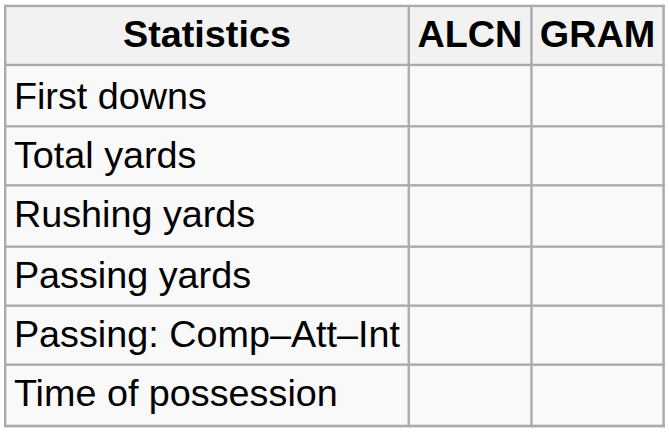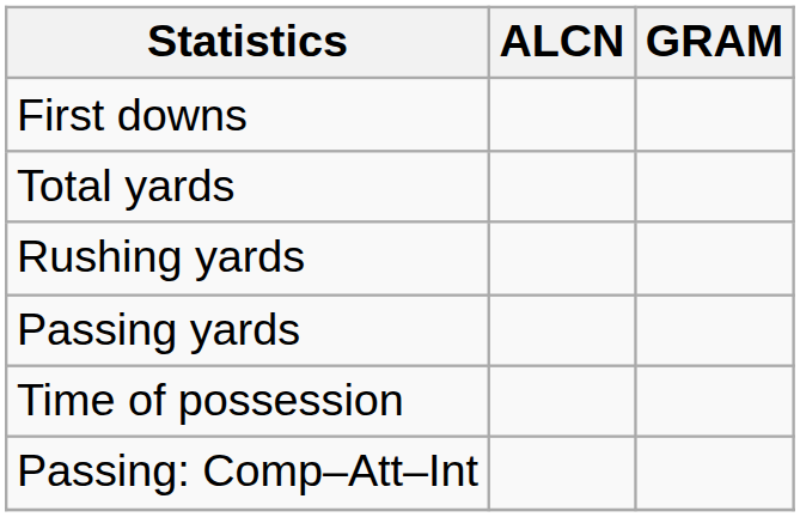 <table class="wikitable" style="float: left;">
 <tr>
 <th>Statistics</th>
 <th>ALCN</th>
 <th>GRAM</th>
 </tr>
 <tr>
 <td>First downs</td>
 <td></td>
 <td></td>
 </tr>
 <tr>
 <td>Total yards</td>
 <td></td>
 <td></td>
 </tr>
 <tr>
 <td>Rushing yards</td>
 <td></td>
 <td></td>
 </tr>
 <tr>
 <td>Passing yards</td>
 <td></td>
 <td></td>
 </tr>
 <tr>
-<td>Passing: Comp–Att–Int</td>
+<td>Time of possession</td>
 <td></td>
 <td></td>
 </tr>
 <tr>
-<td>Time of possession</td>
+<td>Passing: Comp–Att–Int</td>
 <td></td>
 <td></td>
 </tr>
 <tr>
 </tr>
 </table>
